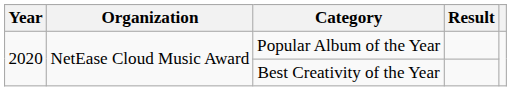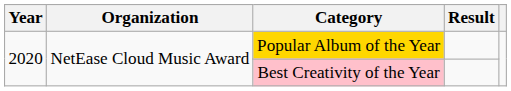 <table class="wikitable" style="text-align:center;">
 <tr>
 <th scope="col">Year</th>
 <th scope="col">Organization</th>
 <th scope="col">Category</th>
 <th scope="col">Result</th>
 <th></th>
 </tr>
 <tr>
 <td rowspan="2">2020</td>
 <td rowspan="2">NetEase Cloud Music Award</td>
-<td>Popular Album of the Year</td>
+<td style="background: gold;">Popular Album of the Year</td>
 <td></td>
 <td rowspan="2"></td>
 </tr>
 <tr>
-<td>Best Creativity of the Year</td>
+<td style="background: pink;">Best Creativity of the Year</td>
 <td></td>
 </tr>
 </table>
